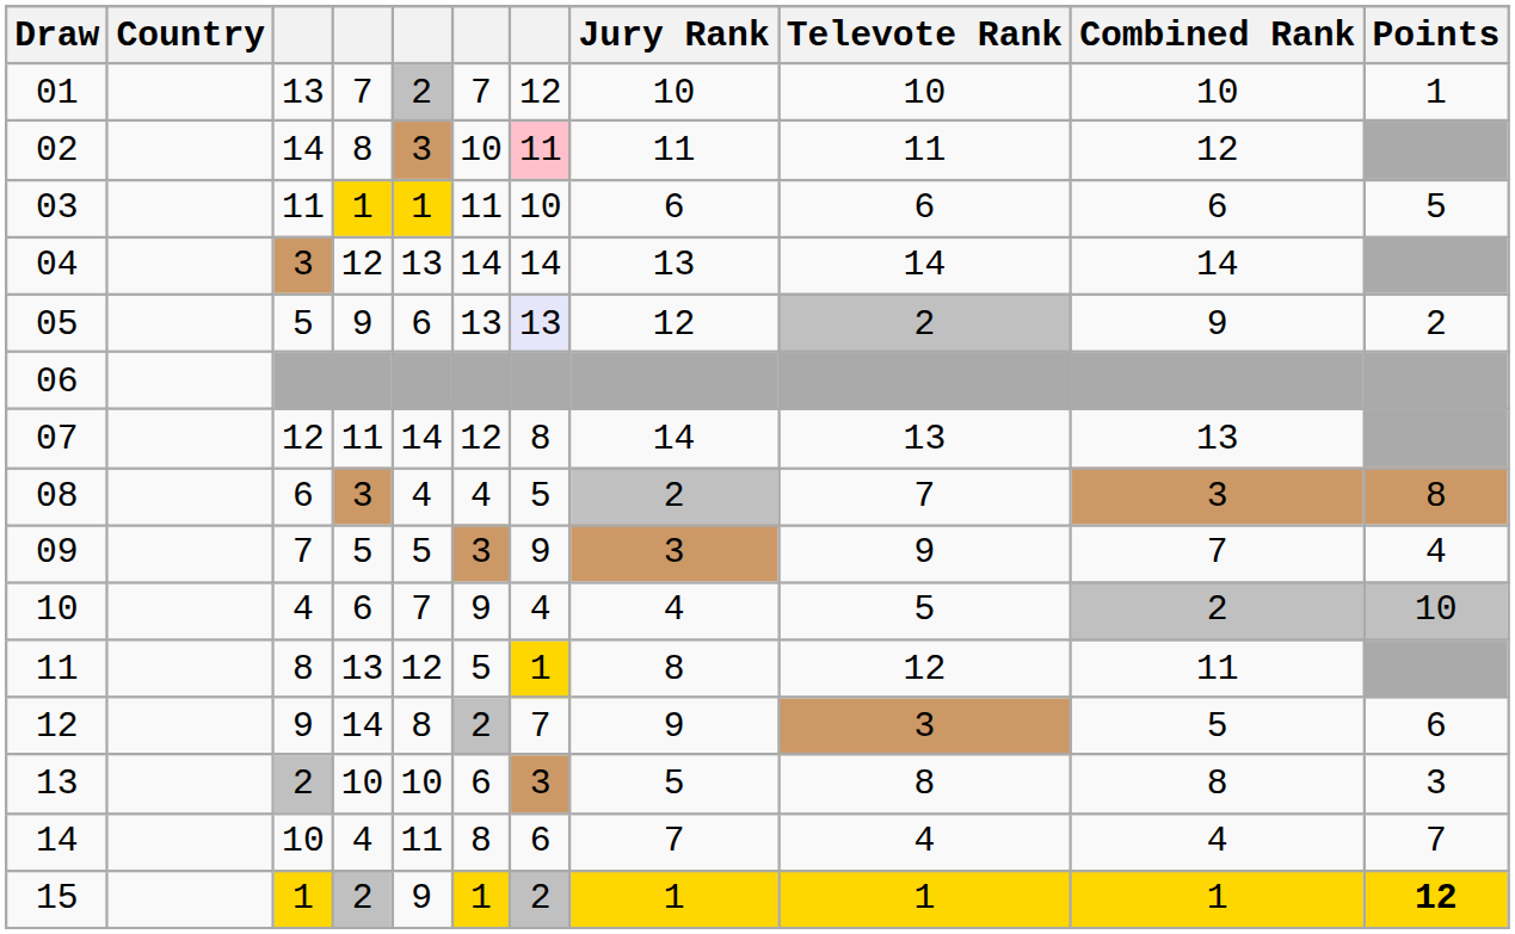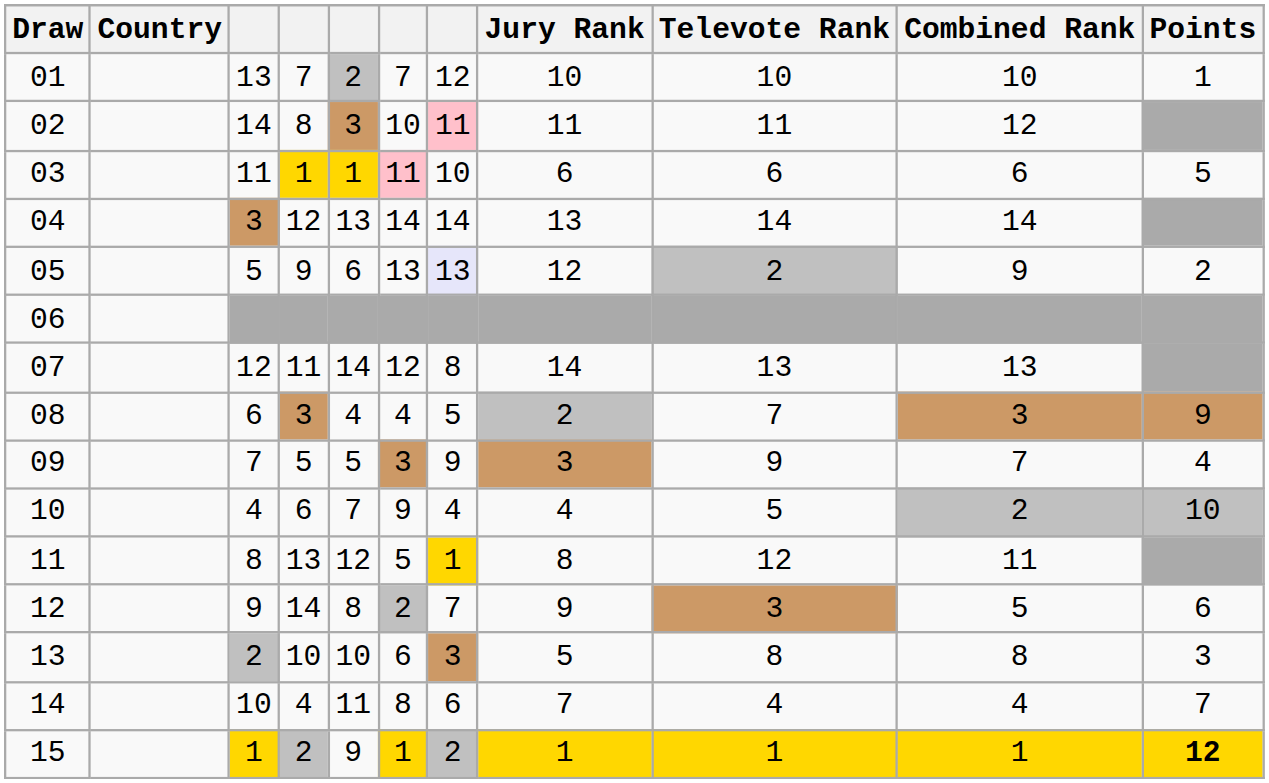 <table class="sortable wikitable collapsible plainrowheaders" style="text-align:center;">
 <tr>
 </tr>
 <tr>
 <th scope="col">Draw</th>
 <th scope="col">Country</th>
 <th scope="col"><small></small></th>
 <th scope="col"><small></small></th>
 <th scope="col"><small></small></th>
 <th scope="col"><small></small></th>
 <th scope="col"><small></small></th>
 <th scope="col">Jury Rank</th>
 <th scope="col">Televote Rank</th>
 <th scope="col">Combined Rank</th>
 <th scope="col">Points</th>
 </tr>
 <tr>
 <td>01</td>
 <td style="text-align:left;"></td>
 <td>13</td>
 <td>7</td>
 <td style="background:silver;">2</td>
 <td>7</td>
 <td>12</td>
 <td>10</td>
 <td>10</td>
 <td>10</td>
 <td>1</td>
 </tr>
 <tr>
 <td>02</td>
 <td style="text-align:left;"></td>
 <td>14</td>
 <td>8</td>
 <td style="background:#CC9966;">3</td>
 <td>10</td>
 <td style="background: pink;">11</td>
 <td>11</td>
 <td>11</td>
 <td>12</td>
 <td style="background:#AAAAAA;"></td>
 </tr>
 <tr>
 <td>03</td>
 <td style="text-align:left;"></td>
 <td>11</td>
 <td style="background:gold;">1</td>
 <td style="background:gold;">1</td>
-<td>11</td>
+<td style="background: pink;">11</td>
 <td>10</td>
 <td>6</td>
 <td>6</td>
 <td>6</td>
 <td>5</td>
 </tr>
 <tr>
 <td>04</td>
 <td style="text-align:left;"></td>
 <td style="background:#CC9966;">3</td>
 <td>12</td>
 <td>13</td>
 <td>14</td>
 <td>14</td>
 <td>13</td>
 <td>14</td>
 <td>14</td>
 <td style="background:#AAAAAA;"></td>
 </tr>
 <tr>
 <td>05</td>
 <td style="text-align:left;"></td>
 <td>5</td>
 <td>9</td>
 <td>6</td>
 <td>13</td>
 <td style="background: lavender;">13</td>
 <td>12</td>
 <td style="background:silver;">2</td>
 <td>9</td>
 <td>2</td>
 </tr>
 <tr class="sortbottom">
 <td>06</td>
 <td style="text-align:left;"></td>
 <td style="background:#AAAAAA;"></td>
 <td style="background:#AAAAAA;"></td>
 <td style="background:#AAAAAA;"></td>
 <td style="background:#AAAAAA;"></td>
 <td style="background:#AAAAAA;"></td>
 <td style="background:#AAAAAA;"></td>
 <td style="background:#AAAAAA;"></td>
 <td style="background:#AAAAAA;"></td>
 <td style="background:#AAAAAA;"></td>
 </tr>
 <tr>
 <td>07</td>
 <td style="text-align:left;"></td>
 <td>12</td>
 <td>11</td>
 <td>14</td>
 <td>12</td>
 <td>8</td>
 <td>14</td>
 <td>13</td>
 <td>13</td>
 <td style="background:#AAAAAA;"></td>
 </tr>
 <tr>
 <td>08</td>
 <td style="text-align:left;"></td>
 <td>6</td>
 <td style="background:#CC9966;">3</td>
 <td>4</td>
 <td>4</td>
 <td>5</td>
 <td style="background:silver;">2</td>
 <td>7</td>
 <td style="background:#CC9966;">3</td>
-<td style="background:#CC9966;">8</td>
+<td style="background:#CC9966;">9</td>
 </tr>
 <tr>
 <td>09</td>
 <td style="text-align:left;"></td>
 <td>7</td>
 <td>5</td>
 <td>5</td>
 <td style="background:#CC9966;">3</td>
 <td>9</td>
 <td style="background:#CC9966;">3</td>
 <td>9</td>
 <td>7</td>
 <td>4</td>
 </tr>
 <tr>
 <td>10</td>
 <td style="text-align:left;"></td>
 <td>4</td>
 <td>6</td>
 <td>7</td>
 <td>9</td>
 <td>4</td>
 <td>4</td>
 <td>5</td>
 <td style="background:silver;">2</td>
 <td style="background:silver;">10</td>
 </tr>
 <tr>
 <td>11</td>
 <td style="text-align:left;"></td>
 <td>8</td>
 <td>13</td>
 <td>12</td>
 <td>5</td>
 <td style="background:gold;">1</td>
 <td>8</td>
 <td>12</td>
 <td>11</td>
 <td style="background:#AAAAAA;"></td>
 </tr>
 <tr>
 <td>12</td>
 <td style="text-align:left;"></td>
 <td>9</td>
 <td>14</td>
 <td>8</td>
 <td style="background:silver;">2</td>
 <td>7</td>
 <td>9</td>
 <td style="background:#CC9966;">3</td>
 <td>5</td>
 <td>6</td>
 </tr>
 <tr>
 <td>13</td>
 <td style="text-align:left;"></td>
 <td style="background:silver;">2</td>
 <td>10</td>
 <td>10</td>
 <td>6</td>
 <td style="background:#CC9966;">3</td>
 <td>5</td>
 <td>8</td>
 <td>8</td>
 <td>3</td>
 </tr>
 <tr>
 <td>14</td>
 <td style="text-align:left;"></td>
 <td>10</td>
 <td>4</td>
 <td>11</td>
 <td>8</td>
 <td>6</td>
 <td>7</td>
 <td>4</td>
 <td>4</td>
 <td>7</td>
 </tr>
 <tr>
 <td>15</td>
 <td style="text-align:left;"></td>
 <td style="background:gold;">1</td>
 <td style="background:silver;">2</td>
 <td>9</td>
 <td style="background:gold;">1</td>
 <td style="background:silver;">2</td>
 <td style="background:gold;">1</td>
 <td style="background:gold;">1</td>
 <td style="background:gold;">1</td>
 <td style="background:gold;"><strong>12</strong></td>
 </tr>
 </table>
